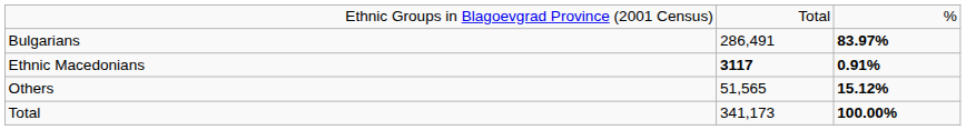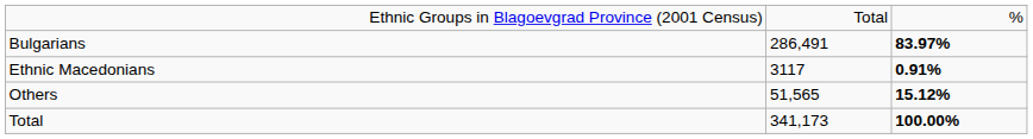 <table width=80% class="wikitable" style="text-align:center" align="center">
 <tr align=right>
 <td>Ethnic Groups in <a href='#'>Blagoevgrad Province</a> (2001 Census)</td>
 <td>Total</td>
 <td>%</td>
 </tr>
 <tr align=left>
 <td>Bulgarians</td>
 <td>286,491</td>
 <td><strong>83.97%</strong></td>
 </tr>
 <tr align=left>
 <td>Ethnic Macedonians</td>
-<td><strong>3117</strong></td>
+<td>3117</td>
 <td><strong>0.91%</strong></td>
 </tr>
 <tr align=left>
 <td>Others</td>
 <td>51,565</td>
 <td><strong>15.12%</strong></td>
 </tr>
 <tr align=left>
 <td>Total</td>
 <td>341,173</td>
 <td><strong>100.00%</strong></td>
 </tr>
 </table>
